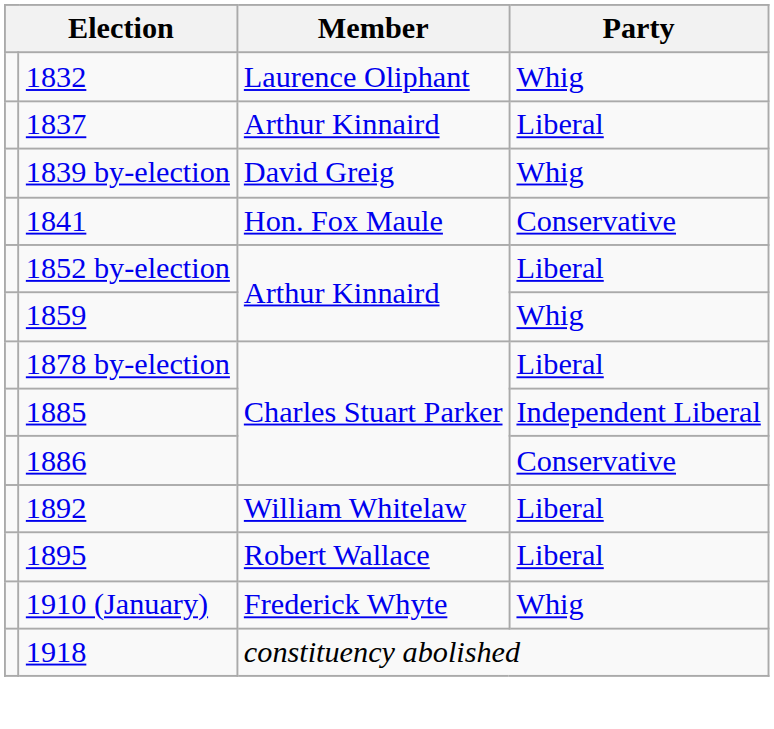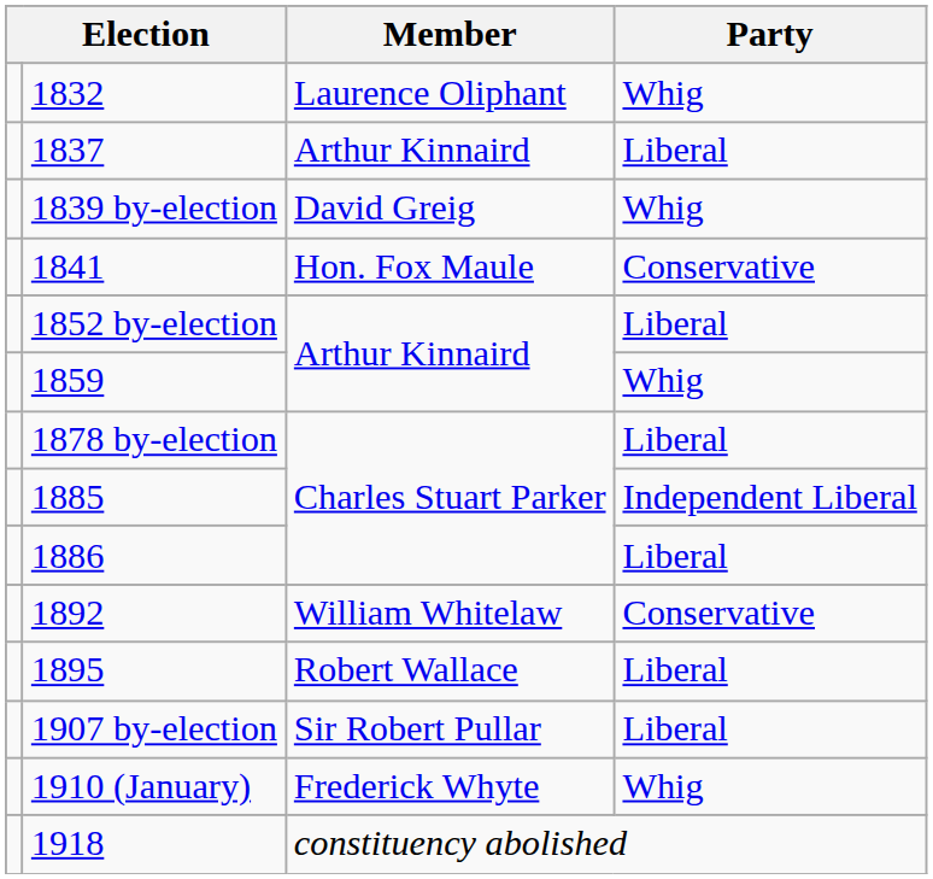 <table class="wikitable">
 <tr>
 <th colspan="2">Election</th>
 <th>Member</th>
 <th>Party</th>
 </tr>
 <tr>
 <td style="color:inherit;background-color: "></td>
 <td><a href='#'>1832</a></td>
 <td><a href='#'>Laurence Oliphant</a></td>
 <td><a href='#'>Whig</a></td>
 </tr>
 <tr>
 <td style="color:inherit;background-color: "></td>
 <td><a href='#'>1837</a></td>
 <td><a href='#'>Arthur Kinnaird</a></td>
 <td><a href='#'>Liberal</a></td>
 </tr>
 <tr>
 <td style="color:inherit;background-color: "></td>
 <td><a href='#'>1839 by-election</a></td>
 <td><a href='#'>David Greig</a></td>
 <td><a href='#'>Whig</a></td>
 </tr>
 <tr>
 <td style="color:inherit;background-color: "></td>
 <td><a href='#'>1841</a></td>
 <td><a href='#'>Hon. Fox Maule</a></td>
 <td><a href='#'>Conservative</a></td>
 </tr>
 <tr>
 <td style="color:inherit;background-color: "></td>
 <td><a href='#'>1852 by-election</a></td>
 <td rowspan="2"><a href='#'>Arthur Kinnaird</a></td>
 <td><a href='#'>Liberal</a></td>
 </tr>
 <tr>
 <td style="color:inherit;background-color: "></td>
 <td><a href='#'>1859</a></td>
 <td><a href='#'>Whig</a></td>
 </tr>
 <tr>
 <td style="color:inherit;background-color: "></td>
 <td><a href='#'>1878 by-election</a></td>
 <td rowspan=3><a href='#'>Charles Stuart Parker</a></td>
 <td><a href='#'>Liberal</a></td>
 </tr>
 <tr>
 <td style="color:inherit;background-color: "></td>
 <td><a href='#'>1885</a></td>
 <td><a href='#'>Independent Liberal</a></td>
 </tr>
 <tr>
 <td style="color:inherit;background-color: "></td>
 <td><a href='#'>1886</a></td>
-<td><a href='#'>Conservative</a></td>
+<td><a href='#'>Liberal</a></td>
 </tr>
 <tr>
 <td style="color:inherit;background-color: "></td>
 <td><a href='#'>1892</a></td>
 <td><a href='#'>William Whitelaw</a></td>
-<td><a href='#'>Liberal</a></td>
+<td><a href='#'>Conservative</a></td>
 </tr>
 <tr>
 <td style="color:inherit;background-color: "></td>
 <td><a href='#'>1895</a></td>
 <td><a href='#'>Robert Wallace</a></td>
+<td><a href='#'>Liberal</a></td>
+</tr>
+<tr>
+<td style="color:inherit;background-color: "></td>
+<td><a href='#'>1907 by-election</a></td>
+<td><a href='#'>Sir Robert Pullar</a></td>
 <td><a href='#'>Liberal</a></td>
 </tr>
 <tr>
 <td style="color:inherit;background-color: "></td>
 <td><a href='#'>1910 (January)</a></td>
 <td><a href='#'>Frederick Whyte</a></td>
 <td><a href='#'>Whig</a></td>
 </tr>
 <tr>
 <td></td>
 <td><a href='#'>1918</a></td>
 <td colspan="2"><em>constituency abolished</em></td>
 </tr>
 </table>
